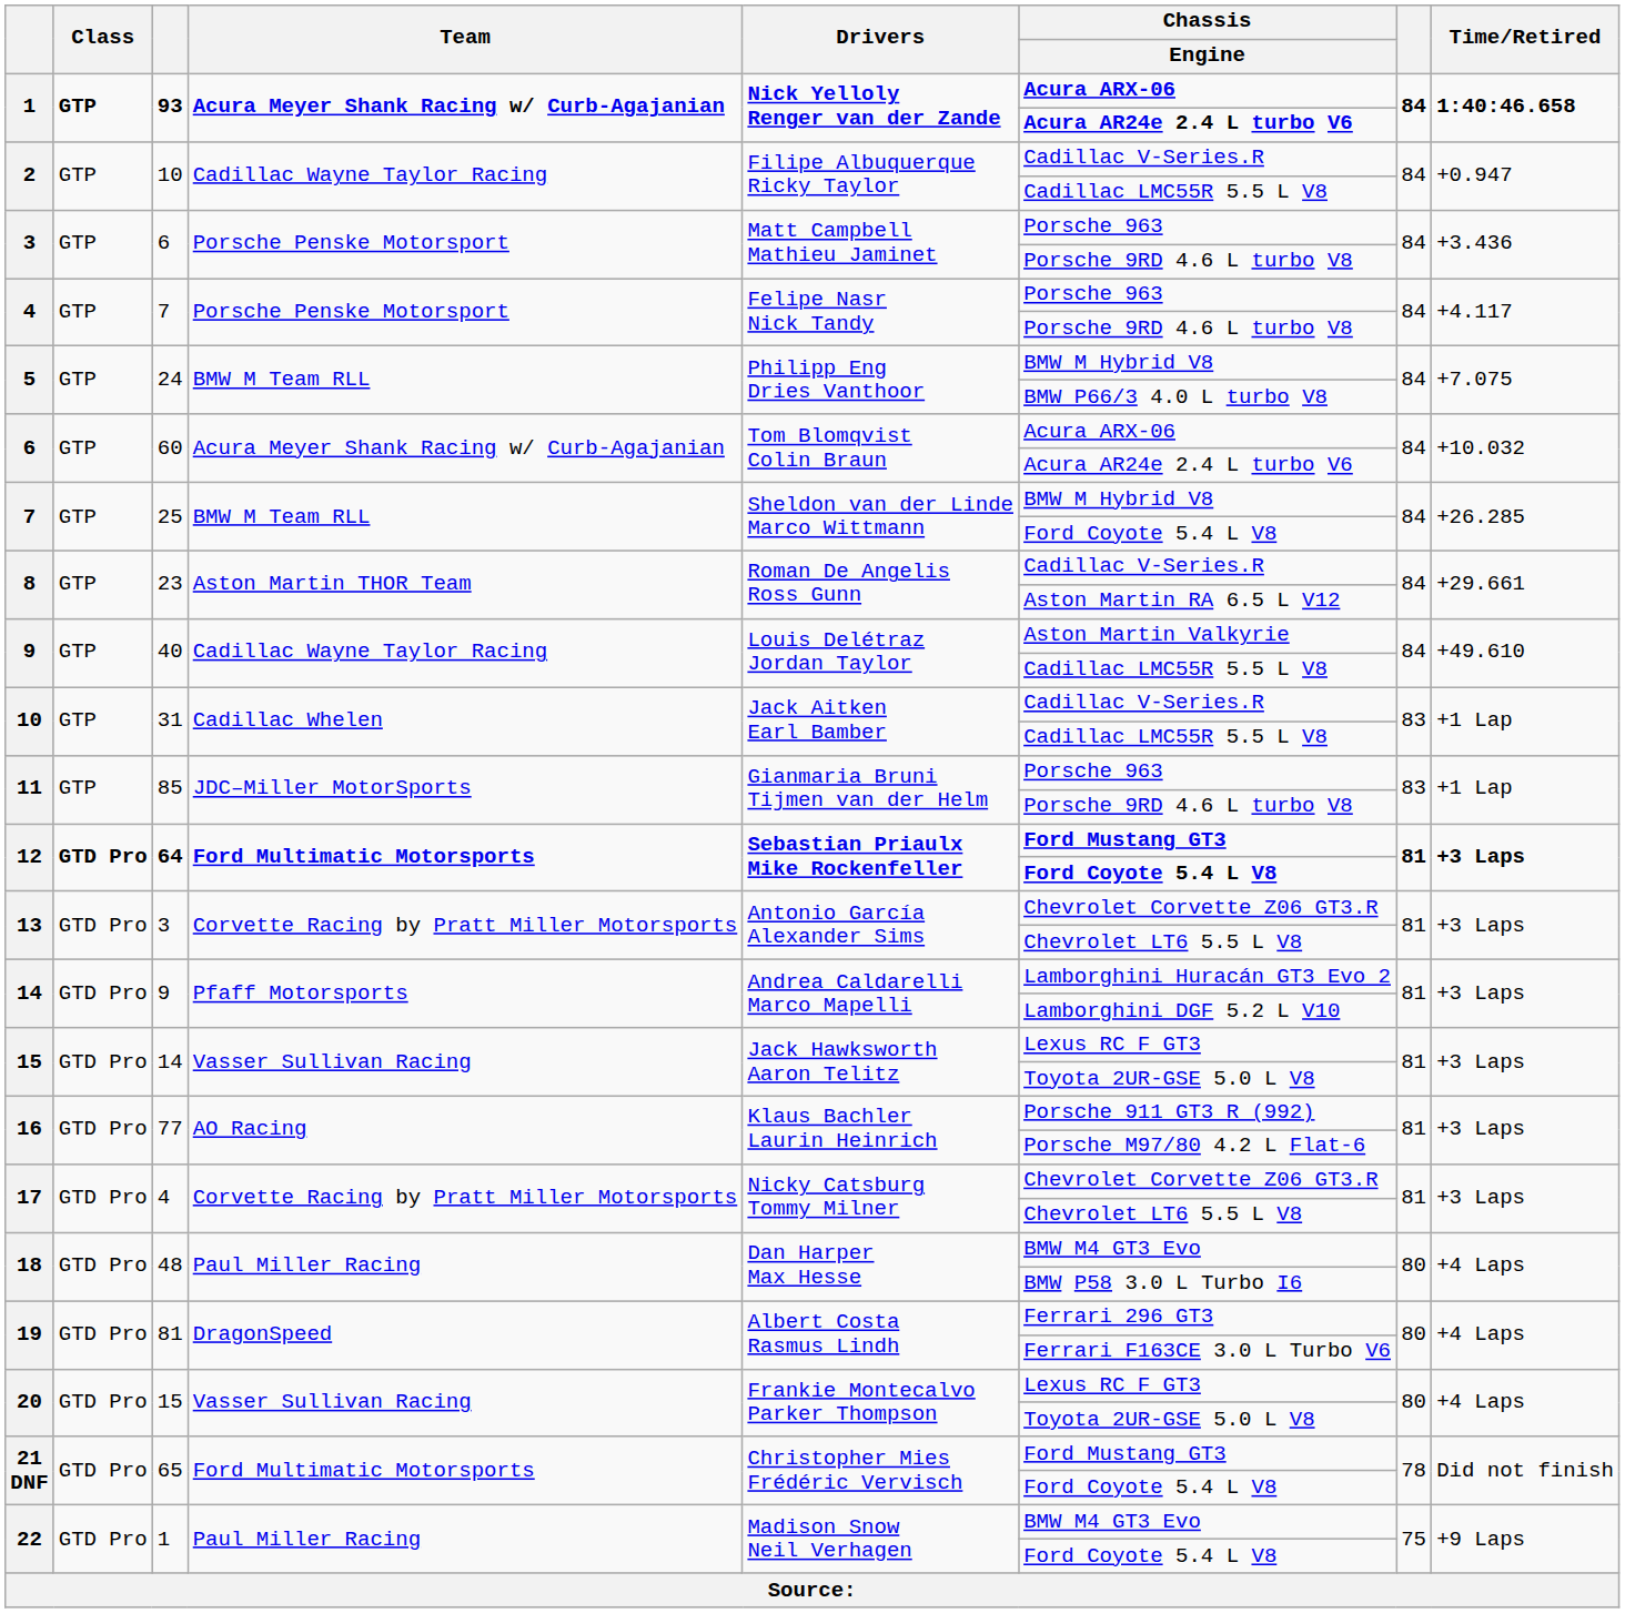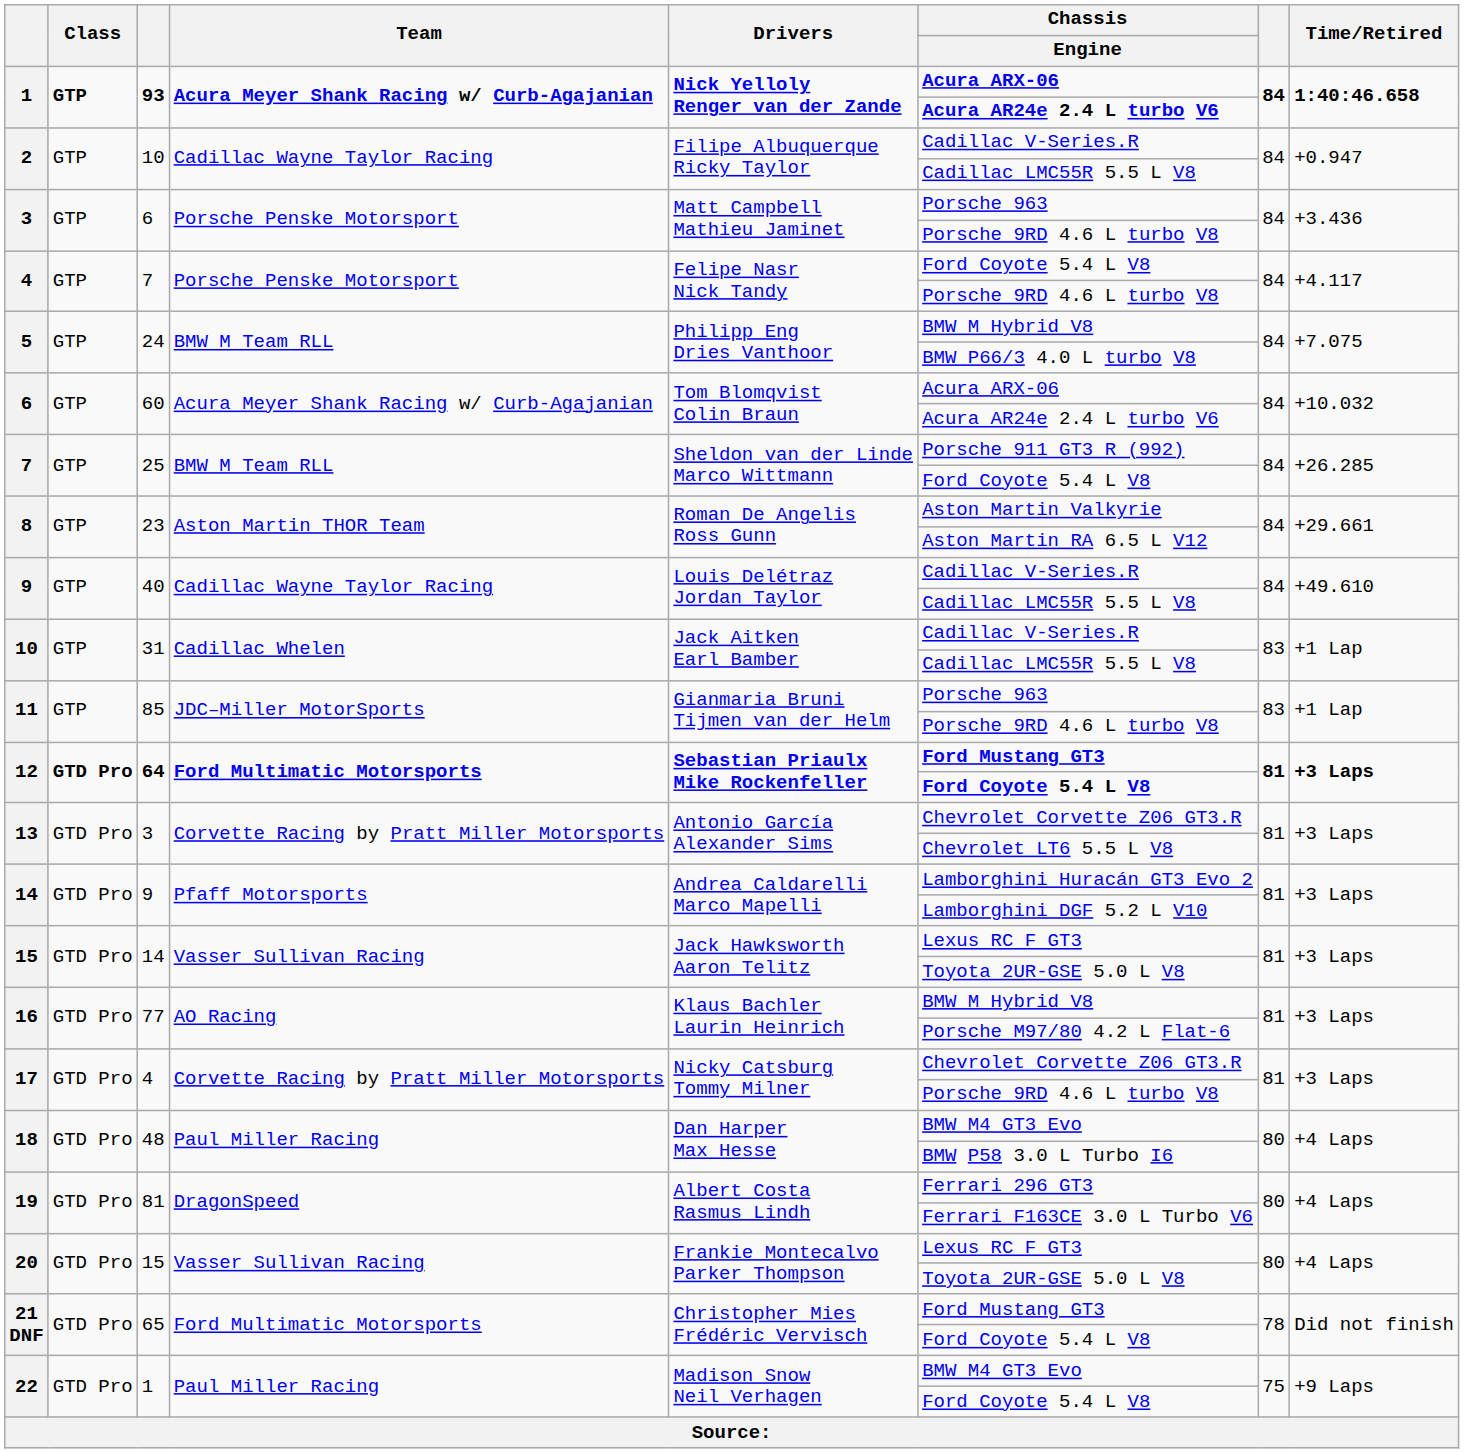 <table class="wikitable" style="font-size:95%;">
 <tr>
 <th rowspan=2></th>
 <th rowspan=2>Class</th>
 <th rowspan=2></th>
 <th rowspan=2>Team</th>
 <th rowspan=2>Drivers</th>
 <th>Chassis</th>
 <th rowspan=2></th>
 <th rowspan=2>Time/Retired</th>
 </tr>
 <tr>
 <th>Engine</th>
 </tr>
 <tr style="font-weight:bold;">
 <th rowspan=2>1</th>
 <td rowspan=2>GTP</td>
 <td rowspan=2>93</td>
 <td rowspan=2> <a href='#'>Acura Meyer Shank Racing</a> w/ <a href='#'>Curb-Agajanian</a></td>
 <td rowspan=2> <a href='#'>Nick Yelloly</a><br> <a href='#'>Renger van der Zande</a></td>
 <td><a href='#'>Acura ARX-06</a></td>
 <td rowspan=2>84</td>
 <td rowspan=2>1:40:46.658</td>
 </tr>
 <tr style="font-weight:bold;">
 <td><a href='#'>Acura AR24e</a> 2.4 L <a href='#'>turbo</a> <a href='#'>V6</a></td>
 </tr>
 <tr>
 <th rowspan=2>2</th>
 <td rowspan=2>GTP</td>
 <td rowspan=2>10</td>
 <td rowspan=2> <a href='#'>Cadillac Wayne Taylor Racing</a></td>
 <td rowspan=2> <a href='#'>Filipe Albuquerque</a><br> <a href='#'>Ricky Taylor</a></td>
 <td><a href='#'>Cadillac V-Series.R</a></td>
 <td rowspan=2>84</td>
 <td rowspan=2>+0.947</td>
 </tr>
 <tr>
 <td><a href='#'>Cadillac LMC55R</a> 5.5 L <a href='#'>V8</a></td>
 </tr>
 <tr>
 <th rowspan=2>3</th>
 <td rowspan=2>GTP</td>
 <td rowspan=2>6</td>
 <td rowspan=2> <a href='#'>Porsche Penske Motorsport</a></td>
 <td rowspan=2> <a href='#'>Matt Campbell</a><br> <a href='#'>Mathieu Jaminet</a></td>
 <td><a href='#'>Porsche 963</a></td>
 <td rowspan=2>84</td>
 <td rowspan=2>+3.436</td>
 </tr>
 <tr>
 <td><a href='#'>Porsche 9RD</a> 4.6 L <a href='#'>turbo</a> <a href='#'>V8</a></td>
 </tr>
 <tr>
 <th rowspan=2>4</th>
 <td rowspan=2>GTP</td>
 <td rowspan=2>7</td>
 <td rowspan=2> <a href='#'>Porsche Penske Motorsport</a></td>
 <td rowspan=2> <a href='#'>Felipe Nasr</a><br> <a href='#'>Nick Tandy</a></td>
-<td><a href='#'>Porsche 963</a></td>
+<td><a href='#'>Ford Coyote</a> 5.4 L <a href='#'>V8</a></td>
 <td rowspan=2>84</td>
 <td rowspan=2>+4.117</td>
 </tr>
 <tr>
 <td><a href='#'>Porsche 9RD</a> 4.6 L <a href='#'>turbo</a> <a href='#'>V8</a></td>
 </tr>
 <tr>
 <th rowspan=2>5</th>
 <td rowspan=2>GTP</td>
 <td rowspan=2>24</td>
 <td rowspan=2> <a href='#'>BMW M Team RLL</a></td>
 <td rowspan=2> <a href='#'>Philipp Eng</a><br> <a href='#'>Dries Vanthoor</a></td>
 <td><a href='#'>BMW M Hybrid V8</a></td>
 <td rowspan=2>84</td>
 <td rowspan=2>+7.075</td>
 </tr>
 <tr>
 <td><a href='#'>BMW P66/3</a> 4.0 L <a href='#'>turbo</a> <a href='#'>V8</a></td>
 </tr>
 <tr>
 <th rowspan=2>6</th>
 <td rowspan=2>GTP</td>
 <td rowspan=2>60</td>
 <td rowspan=2> <a href='#'>Acura Meyer Shank Racing</a> w/ <a href='#'>Curb-Agajanian</a></td>
 <td rowspan=2> <a href='#'>Tom Blomqvist</a><br> <a href='#'>Colin Braun</a></td>
 <td><a href='#'>Acura ARX-06</a></td>
 <td rowspan=2>84</td>
 <td rowspan=2>+10.032</td>
 </tr>
 <tr>
 <td><a href='#'>Acura AR24e</a> 2.4 L <a href='#'>turbo</a> <a href='#'>V6</a></td>
 </tr>
 <tr>
 <th rowspan=2>7</th>
 <td rowspan=2>GTP</td>
 <td rowspan=2>25</td>
 <td rowspan=2> <a href='#'>BMW M Team RLL</a></td>
 <td rowspan=2> <a href='#'>Sheldon van der Linde</a><br> <a href='#'>Marco Wittmann</a></td>
-<td><a href='#'>BMW M Hybrid V8</a></td>
+<td><a href='#'>Porsche 911 GT3 R (992)</a></td>
 <td rowspan=2>84</td>
 <td rowspan=2>+26.285</td>
 </tr>
 <tr>
 <td><a href='#'>Ford Coyote</a> 5.4 L <a href='#'>V8</a></td>
 </tr>
 <tr>
 <th rowspan=2>8</th>
 <td rowspan=2>GTP</td>
 <td rowspan=2>23</td>
 <td rowspan=2> <a href='#'>Aston Martin THOR Team</a></td>
 <td rowspan=2> <a href='#'>Roman De Angelis</a><br> <a href='#'>Ross Gunn</a></td>
-<td><a href='#'>Cadillac V-Series.R</a></td>
+<td><a href='#'>Aston Martin Valkyrie</a></td>
 <td rowspan=2>84</td>
 <td rowspan=2>+29.661</td>
 </tr>
 <tr>
 <td><a href='#'>Aston Martin RA</a> 6.5 L <a href='#'>V12</a></td>
 </tr>
 <tr>
 <th rowspan=2>9</th>
 <td rowspan=2>GTP</td>
 <td rowspan=2>40</td>
 <td rowspan=2> <a href='#'>Cadillac Wayne Taylor Racing</a></td>
 <td rowspan=2> <a href='#'>Louis Delétraz</a><br> <a href='#'>Jordan Taylor</a></td>
-<td><a href='#'>Aston Martin Valkyrie</a></td>
+<td><a href='#'>Cadillac V-Series.R</a></td>
 <td rowspan=2>84</td>
 <td rowspan=2>+49.610</td>
 </tr>
 <tr>
 <td><a href='#'>Cadillac LMC55R</a> 5.5 L <a href='#'>V8</a></td>
 </tr>
 <tr>
 <th rowspan=2>10</th>
 <td rowspan=2>GTP</td>
 <td rowspan=2>31</td>
 <td rowspan=2> <a href='#'>Cadillac Whelen</a></td>
 <td rowspan=2> <a href='#'>Jack Aitken</a><br> <a href='#'>Earl Bamber</a></td>
 <td><a href='#'>Cadillac V-Series.R</a></td>
 <td rowspan=2>83</td>
 <td rowspan=2>+1 Lap</td>
 </tr>
 <tr>
 <td><a href='#'>Cadillac LMC55R</a> 5.5 L <a href='#'>V8</a></td>
 </tr>
 <tr>
 <th rowspan=2>11</th>
 <td rowspan=2>GTP</td>
 <td rowspan=2>85</td>
 <td rowspan=2> <a href='#'>JDC–Miller MotorSports</a></td>
 <td rowspan=2> <a href='#'>Gianmaria Bruni</a><br> <a href='#'>Tijmen van der Helm</a></td>
 <td><a href='#'>Porsche 963</a></td>
 <td rowspan=2>83</td>
 <td rowspan=2>+1 Lap</td>
 </tr>
 <tr>
 <td><a href='#'>Porsche 9RD</a> 4.6 L <a href='#'>turbo</a> <a href='#'>V8</a></td>
 </tr>
 <tr style="font-weight:bold;">
 <th rowspan=2>12</th>
 <td rowspan=2>GTD Pro</td>
 <td rowspan=2>64</td>
 <td rowspan=2> <a href='#'>Ford Multimatic Motorsports</a></td>
 <td rowspan=2> <a href='#'>Sebastian Priaulx</a><br> <a href='#'>Mike Rockenfeller</a></td>
 <td><a href='#'>Ford Mustang GT3</a></td>
 <td rowspan=2>81</td>
 <td rowspan=2>+3 Laps</td>
 </tr>
 <tr style="font-weight:bold;">
 <td><a href='#'>Ford Coyote</a> 5.4 L <a href='#'>V8</a></td>
 </tr>
 <tr>
 <th rowspan=2>13</th>
 <td rowspan=2>GTD Pro</td>
 <td rowspan=2>3</td>
 <td rowspan=2> <a href='#'>Corvette Racing</a> by <a href='#'>Pratt Miller Motorsports</a></td>
 <td rowspan=2> <a href='#'>Antonio García</a><br> <a href='#'>Alexander Sims</a></td>
 <td><a href='#'>Chevrolet Corvette Z06 GT3.R</a></td>
 <td rowspan=2>81</td>
 <td rowspan=2>+3 Laps</td>
 </tr>
 <tr>
 <td><a href='#'>Chevrolet LT6</a> 5.5 L <a href='#'>V8</a></td>
 </tr>
 <tr>
 <th rowspan=2>14</th>
 <td rowspan=2>GTD Pro</td>
 <td rowspan=2>9</td>
 <td rowspan=2> <a href='#'>Pfaff Motorsports</a></td>
 <td rowspan=2> <a href='#'>Andrea Caldarelli</a><br> <a href='#'>Marco Mapelli</a></td>
 <td><a href='#'>Lamborghini Huracán GT3 Evo 2</a></td>
 <td rowspan=2>81</td>
 <td rowspan=2>+3 Laps</td>
 </tr>
 <tr>
 <td><a href='#'>Lamborghini DGF</a> 5.2 L <a href='#'>V10</a></td>
 </tr>
 <tr>
 <th rowspan=2>15</th>
 <td rowspan=2>GTD Pro</td>
 <td rowspan=2>14</td>
 <td rowspan=2> <a href='#'>Vasser Sullivan Racing</a></td>
 <td rowspan=2> <a href='#'>Jack Hawksworth</a><br> <a href='#'>Aaron Telitz</a></td>
 <td><a href='#'>Lexus RC F GT3</a></td>
 <td rowspan=2>81</td>
 <td rowspan=2>+3 Laps</td>
 </tr>
 <tr>
 <td><a href='#'>Toyota 2UR-GSE</a> 5.0 L <a href='#'>V8</a></td>
 </tr>
 <tr>
 <th rowspan=2>16</th>
 <td rowspan=2>GTD Pro</td>
 <td rowspan=2>77</td>
 <td rowspan=2> <a href='#'>AO Racing</a></td>
 <td rowspan=2> <a href='#'>Klaus Bachler</a><br> <a href='#'>Laurin Heinrich</a></td>
-<td><a href='#'>Porsche 911 GT3 R (992)</a></td>
+<td><a href='#'>BMW M Hybrid V8</a></td>
 <td rowspan=2>81</td>
 <td rowspan=2>+3 Laps</td>
 </tr>
 <tr>
 <td><a href='#'>Porsche M97/80</a> 4.2 L <a href='#'>Flat-6</a></td>
 </tr>
 <tr>
 <th rowspan=2>17</th>
 <td rowspan=2>GTD Pro</td>
 <td rowspan=2>4</td>
 <td rowspan=2> <a href='#'>Corvette Racing</a> by <a href='#'>Pratt Miller Motorsports</a></td>
 <td rowspan=2> <a href='#'>Nicky Catsburg</a><br> <a href='#'>Tommy Milner</a></td>
 <td><a href='#'>Chevrolet Corvette Z06 GT3.R</a></td>
 <td rowspan=2>81</td>
 <td rowspan=2>+3 Laps</td>
 </tr>
 <tr>
-<td><a href='#'>Chevrolet LT6</a> 5.5 L <a href='#'>V8</a></td>
+<td><a href='#'>Porsche 9RD</a> 4.6 L <a href='#'>turbo</a> <a href='#'>V8</a></td>
 </tr>
 <tr>
 <th rowspan=2>18</th>
 <td rowspan=2>GTD Pro</td>
 <td rowspan=2>48</td>
 <td rowspan=2> <a href='#'>Paul Miller Racing</a></td>
 <td rowspan=2> <a href='#'>Dan Harper</a><br> <a href='#'>Max Hesse</a></td>
 <td><a href='#'>BMW M4 GT3 Evo</a></td>
 <td rowspan=2>80</td>
 <td rowspan=2>+4 Laps</td>
 </tr>
 <tr>
 <td><a href='#'>BMW</a> <a href='#'>P58</a> 3.0 L Turbo <a href='#'>I6</a></td>
 </tr>
 <tr>
 <th rowspan=2>19</th>
 <td rowspan=2>GTD Pro</td>
 <td rowspan=2>81</td>
 <td rowspan=2> <a href='#'>DragonSpeed</a></td>
 <td rowspan=2> <a href='#'>Albert Costa</a><br> <a href='#'>Rasmus Lindh</a></td>
 <td><a href='#'>Ferrari 296 GT3</a></td>
 <td rowspan=2>80</td>
 <td rowspan=2>+4 Laps</td>
 </tr>
 <tr>
 <td><a href='#'>Ferrari F163CE</a> 3.0 L Turbo <a href='#'>V6</a></td>
 </tr>
 <tr>
 <th rowspan=2>20</th>
 <td rowspan=2>GTD Pro</td>
 <td rowspan=2>15</td>
 <td rowspan=2> <a href='#'>Vasser Sullivan Racing</a></td>
 <td rowspan=2> <a href='#'>Frankie Montecalvo</a><br> <a href='#'>Parker Thompson</a></td>
 <td><a href='#'>Lexus RC F GT3</a></td>
 <td rowspan=2>80</td>
 <td rowspan=2>+4 Laps</td>
 </tr>
 <tr>
 <td><a href='#'>Toyota 2UR-GSE</a> 5.0 L <a href='#'>V8</a></td>
 </tr>
 <tr>
 <th rowspan=2>21<br>DNF</th>
 <td rowspan=2>GTD Pro</td>
 <td rowspan=2>65</td>
 <td rowspan=2> <a href='#'>Ford Multimatic Motorsports</a></td>
 <td rowspan=2> <a href='#'>Christopher Mies</a><br> <a href='#'>Frédéric Vervisch</a></td>
 <td><a href='#'>Ford Mustang GT3</a></td>
 <td rowspan=2>78</td>
 <td rowspan=2>Did not finish</td>
 </tr>
 <tr>
 <td><a href='#'>Ford Coyote</a> 5.4 L <a href='#'>V8</a></td>
 </tr>
 <tr>
 <th rowspan=2>22</th>
 <td rowspan=2>GTD Pro</td>
 <td rowspan=2>1</td>
 <td rowspan=2> <a href='#'>Paul Miller Racing</a></td>
 <td rowspan=2> <a href='#'>Madison Snow</a><br> <a href='#'>Neil Verhagen</a></td>
 <td><a href='#'>BMW M4 GT3 Evo</a></td>
 <td rowspan=2>75</td>
 <td rowspan=2>+9 Laps</td>
 </tr>
 <tr>
 <td><a href='#'>Ford Coyote</a> 5.4 L <a href='#'>V8</a></td>
 </tr>
 <tr>
 <th colspan="8">Source:</th>
 </tr>
 </table>
